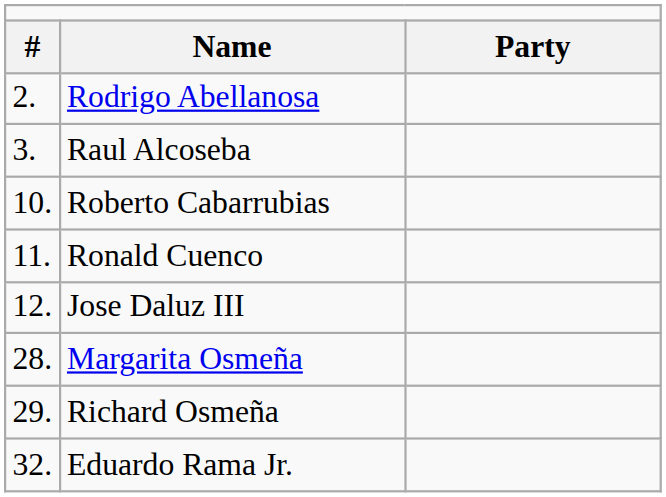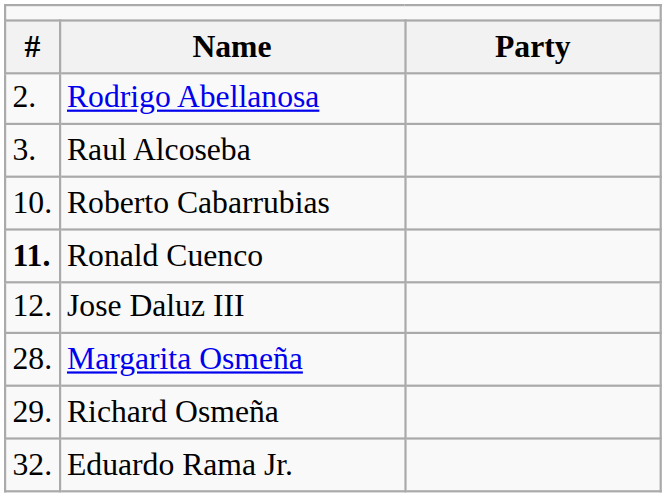 <table class=wikitable style="font-size:90%">
 <tr>
 <td colspan=4 bgcolor=></td>
 </tr>
 <tr>
 <th>#</th>
 <th width=150px>Name</th>
 <th colspan=2 width=110px>Party</th>
 </tr>
 <tr>
 <td>2.</td>
 <td><a href='#'>Rodrigo Abellanosa</a></td>
 <td></td>
 </tr>
 <tr>
 <td>3.</td>
 <td>Raul Alcoseba</td>
 <td></td>
 </tr>
 <tr>
 <td>10.</td>
 <td>Roberto Cabarrubias</td>
 <td></td>
 </tr>
 <tr>
-<td>11.</td>
+<td><strong>11.</strong></td>
 <td>Ronald Cuenco</td>
 <td></td>
 </tr>
 <tr>
 <td>12.</td>
 <td>Jose Daluz III</td>
 <td></td>
 </tr>
 <tr>
 <td>28.</td>
 <td><a href='#'>Margarita Osmeña</a></td>
 <td></td>
 </tr>
 <tr>
 <td>29.</td>
 <td>Richard Osmeña</td>
 <td></td>
 </tr>
 <tr>
 <td>32.</td>
 <td>Eduardo Rama Jr.</td>
 <td></td>
 </tr>
 </table>
